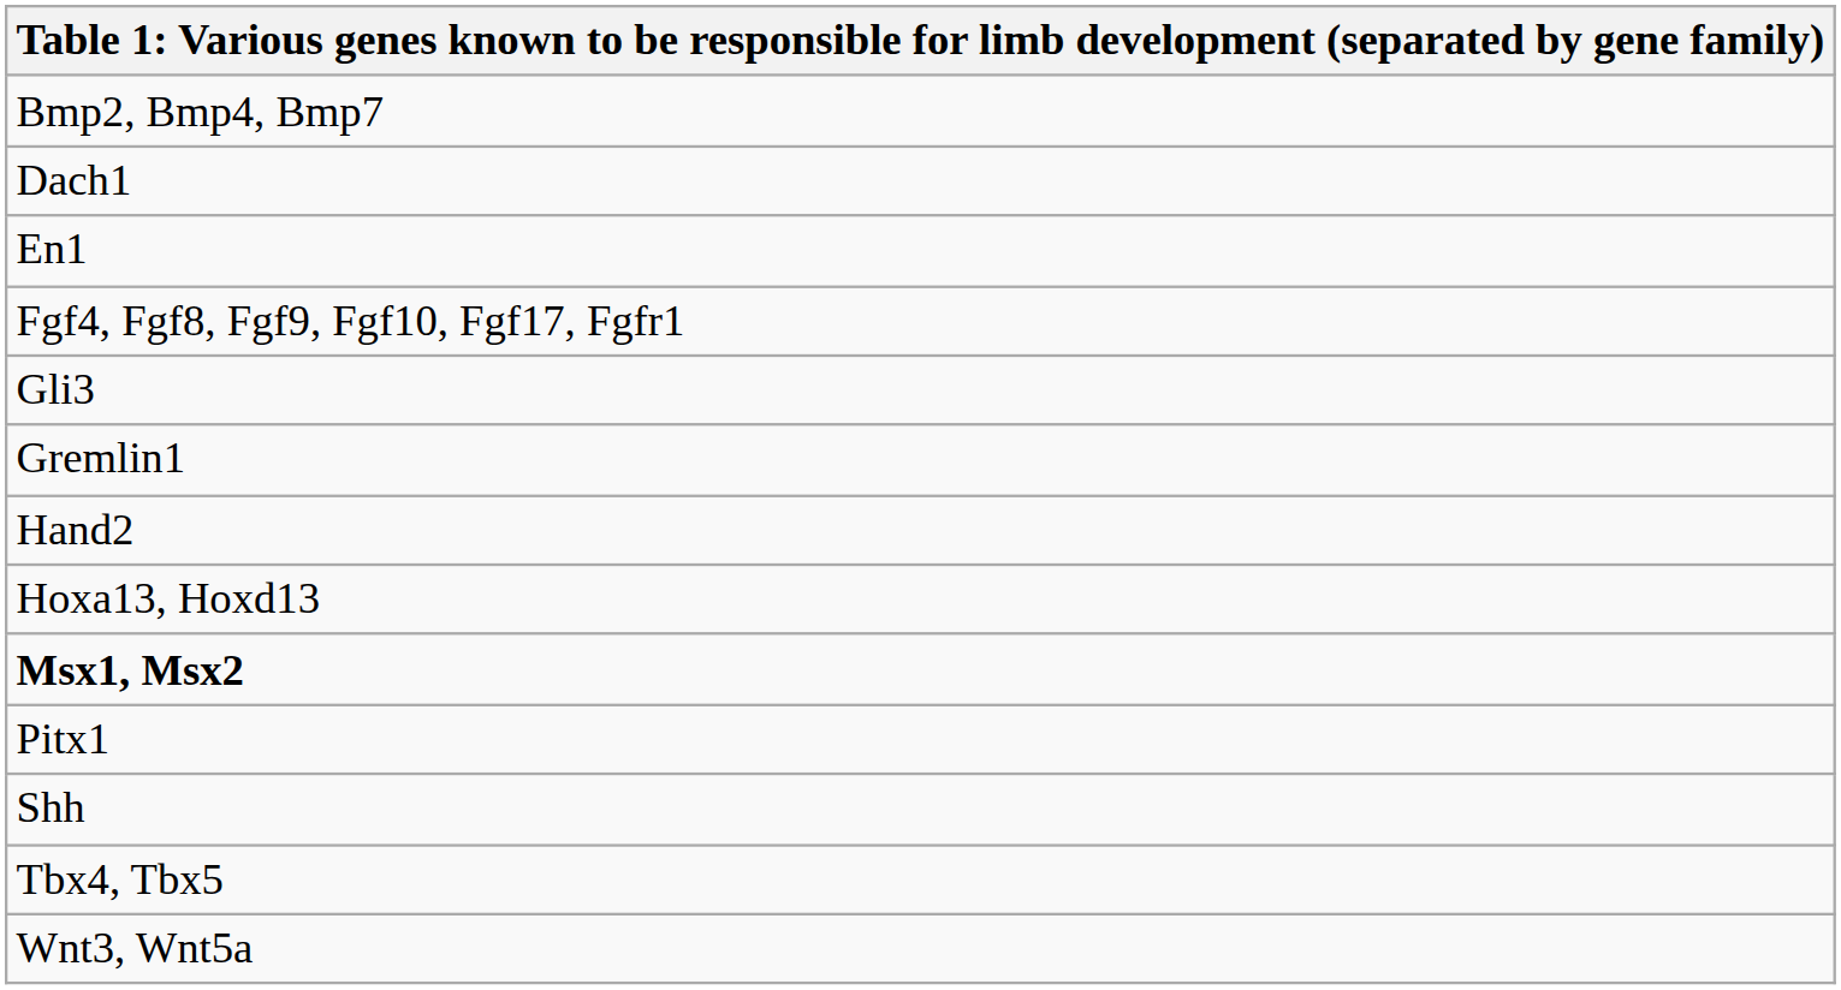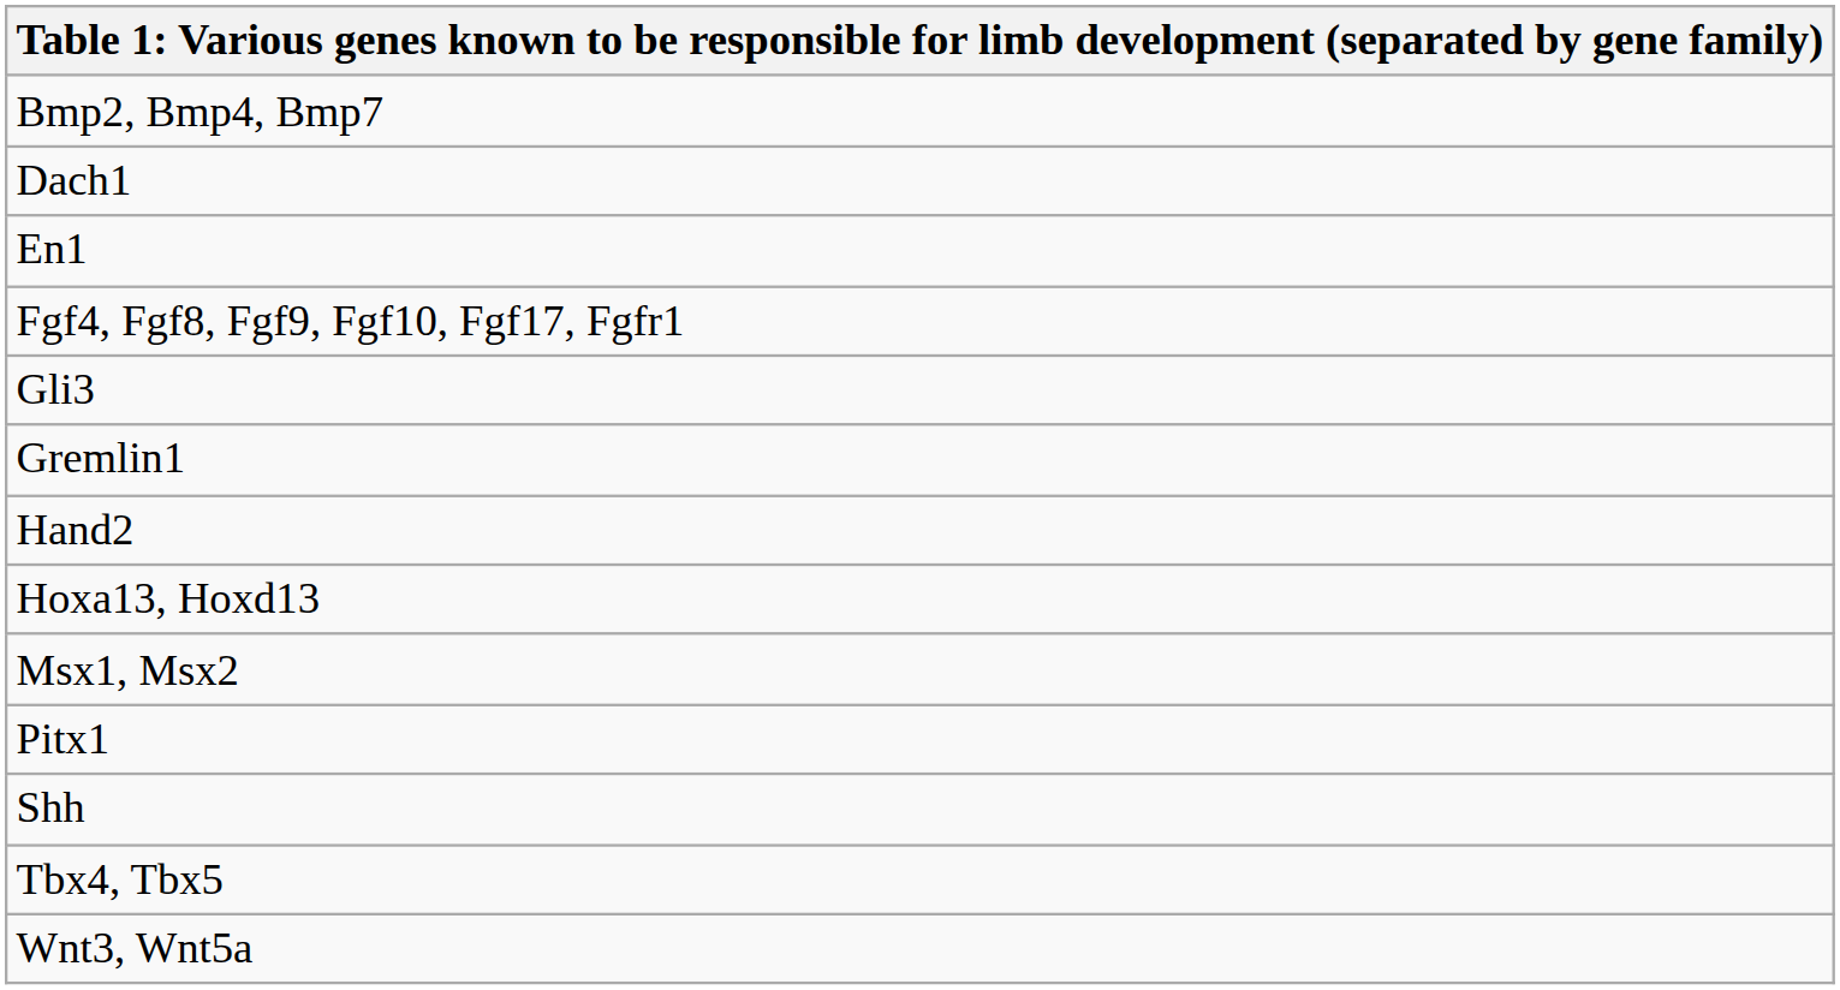 <table class="wikitable mw-collapsible">
 <tr>
 <th>Table 1: Various genes known to be responsible for limb development (separated by gene family)</th>
 </tr>
 <tr>
 <td>Bmp2, Bmp4, Bmp7</td>
 </tr>
 <tr>
 <td>Dach1</td>
 </tr>
 <tr>
 <td>En1</td>
 </tr>
 <tr>
 <td>Fgf4, Fgf8, Fgf9, Fgf10, Fgf17, Fgfr1</td>
 </tr>
 <tr>
 <td>Gli3</td>
 </tr>
 <tr>
 <td>Gremlin1</td>
 </tr>
 <tr>
 <td>Hand2</td>
 </tr>
 <tr>
 <td>Hoxa13, Hoxd13</td>
 </tr>
 <tr>
-<td><strong>Msx1, Msx2</strong></td>
+<td>Msx1, Msx2</td>
 </tr>
 <tr>
 <td>Pitx1</td>
 </tr>
 <tr>
 <td>Shh</td>
 </tr>
 <tr>
 <td>Tbx4, Tbx5</td>
 </tr>
 <tr>
 <td>Wnt3, Wnt5a</td>
 </tr>
 </table>
